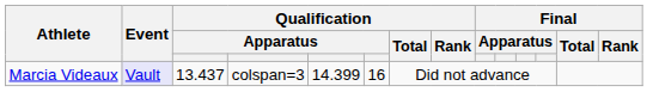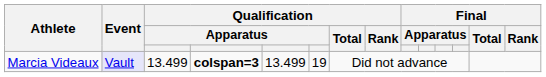 <table class="wikitable" style="font-size:90%">
 <tr>
 <th rowspan=3>Athlete</th>
 <th rowspan=3>Event</th>
 <th colspan=6>Qualification</th>
 <th colspan=6>Final</th>
 </tr>
 <tr style="font-size:95%">
 <th colspan=4>Apparatus</th>
 <th rowspan=2>Total</th>
 <th rowspan=2>Rank</th>
 <th colspan=4>Apparatus</th>
 <th rowspan=2>Total</th>
 <th rowspan=2>Rank</th>
 </tr>
 <tr style="font-size:95%">
 <th></th>
 <th></th>
 <th></th>
 <th></th>
 <th></th>
 <th></th>
 <th></th>
 <th></th>
 </tr>
 <tr align=center>
 <td align=left><a href='#'>Marcia Videaux</a></td>
 <td align=left style="background: lavender;"><a href='#'>Vault</a></td>
-<td>13.437</td>
-<td>colspan=3 </td>
-<td>14.399</td>
-<td>16</td>
+<td>13.499</td>
+<td><strong>colspan=3 </strong></td>
+<td>13.499</td>
+<td>19</td>
 <td colspan=6>Did not advance</td>
 </tr>
 </table>
